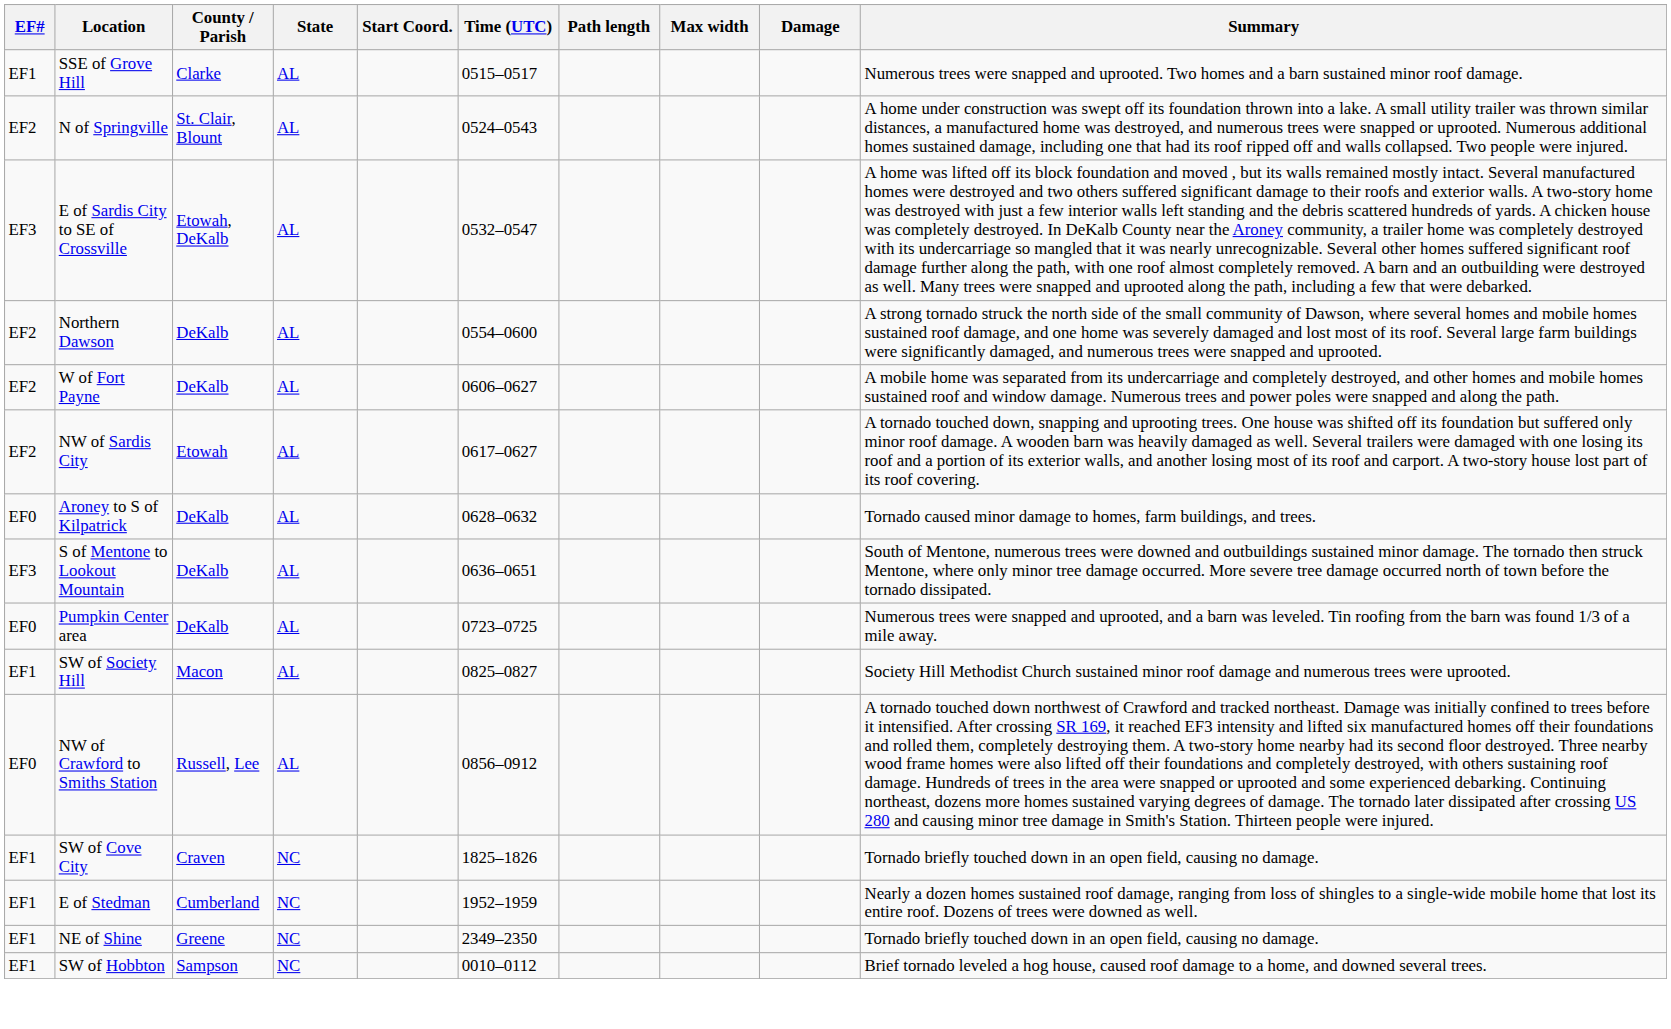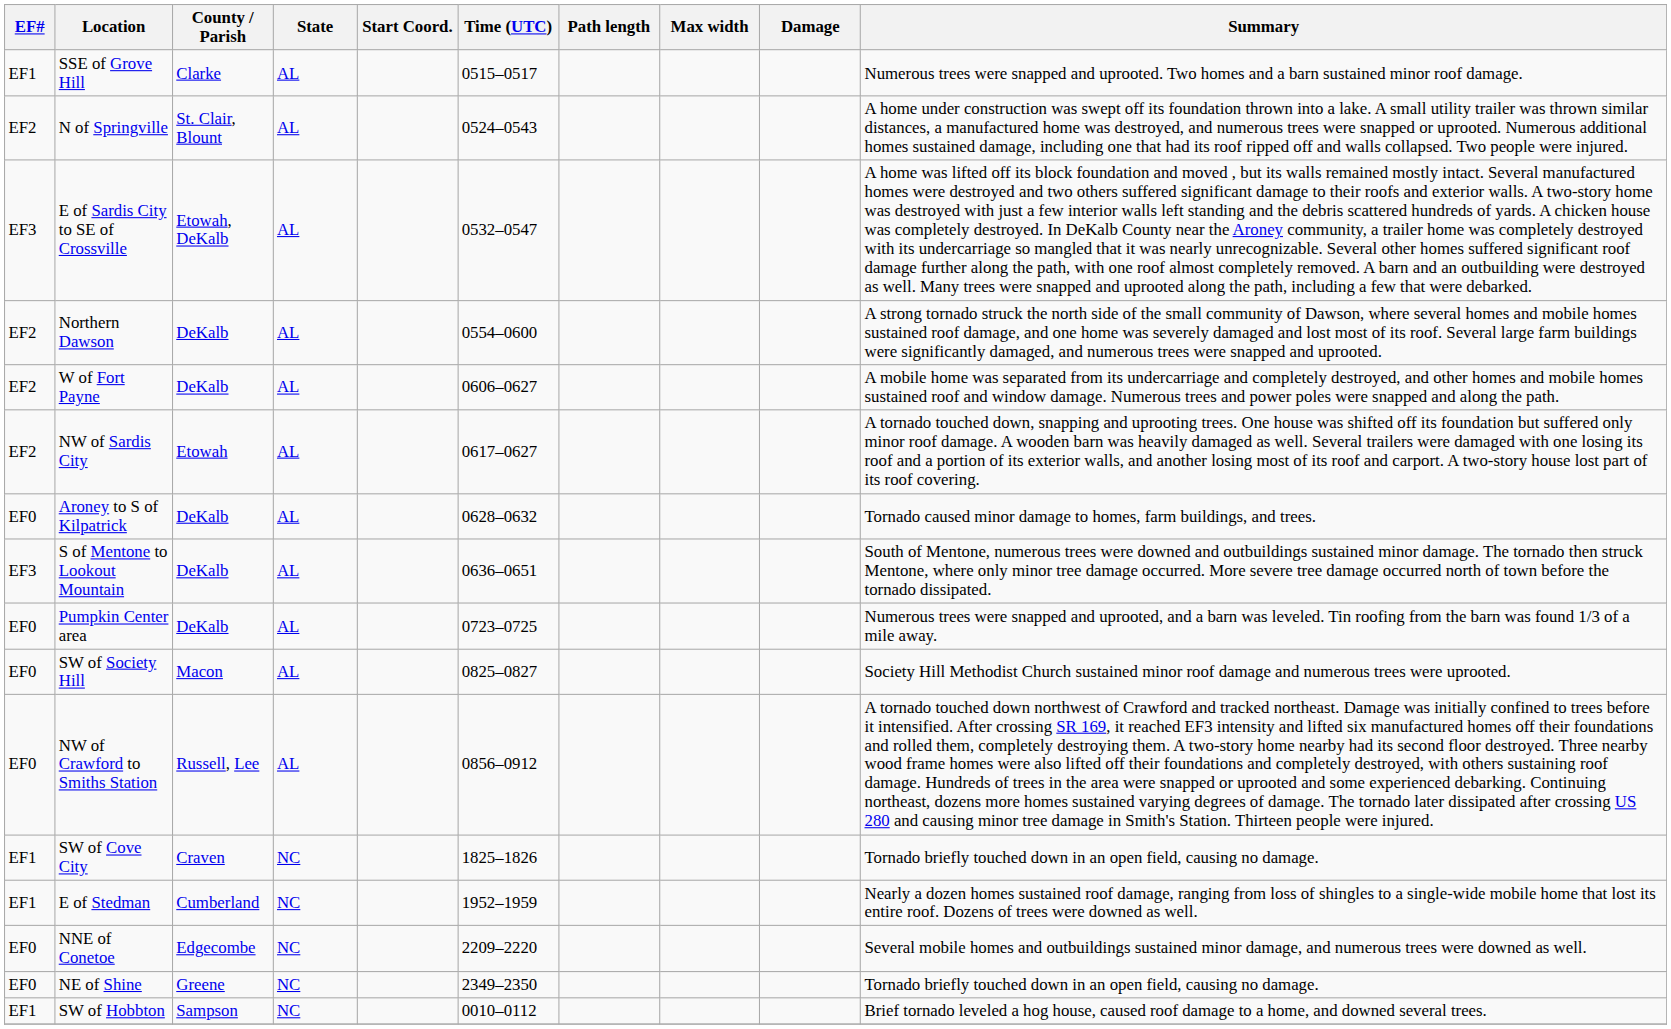 <table class="wikitable sortable" style="width:100%;">
 <tr>
 <th scope="col" width="3%" align="center"><a href='#'>EF#</a></th>
 <th scope="col" width="7%" align="center" class="unsortable">Location</th>
 <th scope="col" width="6%" align="center" class="unsortable">County / Parish</th>
 <th scope="col" width="5%" align="center">State</th>
 <th scope="col" width="6%" align="center">Start Coord.</th>
 <th scope="col" width="6%" align="center">Time (<a href='#'>UTC</a>)</th>
 <th scope="col" width="6%" align="center">Path length</th>
 <th scope="col" width="6%" align="center">Max width</th>
 <th scope="col" width="6%" align="center">Damage</th>
 <th scope="col" width="48%" class="unsortable" align="center">Summary</th>
 </tr>
 <tr>
 <td>EF1</td>
 <td>SSE of <a href='#'>Grove Hill</a></td>
 <td><a href='#'>Clarke</a></td>
 <td><a href='#'>AL</a></td>
 <td></td>
 <td>0515–0517</td>
 <td></td>
 <td></td>
 <td></td>
 <td>Numerous trees were snapped and uprooted. Two homes and a barn sustained minor roof damage.</td>
 </tr>
 <tr>
 <td>EF2</td>
 <td>N of <a href='#'>Springville</a></td>
 <td><a href='#'>St. Clair</a>, <a href='#'>Blount</a></td>
 <td><a href='#'>AL</a></td>
 <td></td>
 <td>0524–0543</td>
 <td></td>
 <td></td>
 <td></td>
 <td>A home under construction was swept off its foundation thrown  into a lake. A small utility trailer was thrown similar distances, a manufactured home was destroyed, and numerous trees were snapped or uprooted. Numerous additional homes sustained damage, including one that had its roof ripped off and walls collapsed. Two people were injured.</td>
 </tr>
 <tr>
 <td>EF3</td>
 <td>E of <a href='#'>Sardis City</a> to SE of <a href='#'>Crossville</a></td>
 <td><a href='#'>Etowah</a>, <a href='#'>DeKalb</a></td>
 <td><a href='#'>AL</a></td>
 <td></td>
 <td>0532–0547</td>
 <td></td>
 <td></td>
 <td></td>
 <td>A home was lifted off its block foundation and moved , but its walls remained mostly intact. Several manufactured homes were destroyed and two others suffered significant damage to their roofs and exterior walls. A two-story home was destroyed with just a few interior walls left standing and the debris scattered hundreds of yards. A chicken house was completely destroyed. In DeKalb County near the <a href='#'>Aroney</a> community, a trailer home was completely destroyed with its undercarriage so mangled that it was nearly unrecognizable. Several other homes suffered significant roof damage further along the path, with one roof almost completely removed. A barn and an outbuilding were destroyed as well. Many trees were snapped and uprooted along the path, including a few that were debarked.</td>
 </tr>
 <tr>
 <td>EF2</td>
 <td>Northern <a href='#'>Dawson</a></td>
 <td><a href='#'>DeKalb</a></td>
 <td><a href='#'>AL</a></td>
 <td></td>
 <td>0554–0600</td>
 <td></td>
 <td></td>
 <td></td>
 <td>A strong tornado struck the north side of the small community of Dawson, where several homes and mobile homes sustained roof damage, and one home was severely damaged and lost most of its roof. Several large farm buildings were significantly damaged, and numerous trees were snapped and uprooted.</td>
 </tr>
 <tr>
 <td>EF2</td>
 <td>W of <a href='#'>Fort Payne</a></td>
 <td><a href='#'>DeKalb</a></td>
 <td><a href='#'>AL</a></td>
 <td></td>
 <td>0606–0627</td>
 <td></td>
 <td></td>
 <td></td>
 <td>A mobile home was separated from its undercarriage and completely destroyed, and other homes and mobile homes sustained roof and window damage. Numerous trees and power poles were snapped and along the path.</td>
 </tr>
 <tr>
 <td>EF2</td>
 <td>NW of <a href='#'>Sardis City</a></td>
 <td><a href='#'>Etowah</a></td>
 <td><a href='#'>AL</a></td>
 <td></td>
 <td>0617–0627</td>
 <td></td>
 <td></td>
 <td></td>
 <td>A tornado touched down, snapping and uprooting trees. One house was shifted off its foundation but suffered only minor roof damage. A wooden barn was heavily damaged as well. Several trailers were damaged with one losing its roof and a portion of its exterior walls, and another losing most of its roof and carport. A two-story house lost part of its roof covering.</td>
 </tr>
 <tr>
 <td>EF0</td>
 <td><a href='#'>Aroney</a> to S of <a href='#'>Kilpatrick</a></td>
 <td><a href='#'>DeKalb</a></td>
 <td><a href='#'>AL</a></td>
 <td></td>
 <td>0628–0632</td>
 <td></td>
 <td></td>
 <td></td>
 <td>Tornado caused minor damage to homes, farm buildings, and trees.</td>
 </tr>
 <tr>
 <td>EF3</td>
 <td>S of <a href='#'>Mentone</a> to <a href='#'>Lookout Mountain</a></td>
 <td><a href='#'>DeKalb</a></td>
 <td><a href='#'>AL</a></td>
 <td></td>
 <td>0636–0651</td>
 <td></td>
 <td></td>
 <td></td>
 <td>South of Mentone, numerous trees were downed and outbuildings sustained minor damage. The tornado then struck Mentone, where only minor tree damage occurred. More severe tree damage occurred north of town before the tornado dissipated.</td>
 </tr>
 <tr>
 <td>EF0</td>
 <td><a href='#'>Pumpkin Center</a> area</td>
 <td><a href='#'>DeKalb</a></td>
 <td><a href='#'>AL</a></td>
 <td></td>
 <td>0723–0725</td>
 <td></td>
 <td></td>
 <td></td>
 <td>Numerous trees were snapped and uprooted, and a barn was leveled. Tin roofing from the barn was found 1/3 of a mile away.</td>
 </tr>
 <tr>
-<td>EF1</td>
+<td>EF0</td>
 <td>SW of <a href='#'>Society Hill</a></td>
 <td><a href='#'>Macon</a></td>
 <td><a href='#'>AL</a></td>
 <td></td>
 <td>0825–0827</td>
 <td></td>
 <td></td>
 <td></td>
 <td>Society Hill Methodist Church sustained minor roof damage and numerous trees were uprooted.</td>
 </tr>
 <tr>
 <td>EF0</td>
 <td>NW of <a href='#'>Crawford</a> to <a href='#'>Smiths Station</a></td>
 <td><a href='#'>Russell</a>, <a href='#'>Lee</a></td>
 <td><a href='#'>AL</a></td>
 <td></td>
 <td>0856–0912</td>
 <td></td>
 <td></td>
 <td></td>
 <td>A tornado touched down northwest of Crawford and tracked northeast. Damage was initially confined to trees before it intensified. After crossing <a href='#'>SR 169</a>, it reached EF3 intensity and lifted six manufactured homes off their foundations and rolled them, completely destroying them. A two-story home nearby had its second floor destroyed. Three nearby wood frame homes were also lifted off their foundations and completely destroyed, with others sustaining roof damage. Hundreds of trees in the area were snapped or uprooted and some experienced debarking. Continuing northeast, dozens more homes sustained varying degrees of damage. The tornado later dissipated after crossing <a href='#'>US 280</a> and causing minor tree damage in Smith's Station. Thirteen people were injured.</td>
 </tr>
 <tr>
 <td>EF1</td>
 <td>SW of <a href='#'>Cove City</a></td>
 <td><a href='#'>Craven</a></td>
 <td><a href='#'>NC</a></td>
 <td></td>
 <td>1825–1826</td>
 <td></td>
 <td></td>
 <td></td>
 <td>Tornado briefly touched down in an open field, causing no damage.</td>
 </tr>
 <tr>
 <td>EF1</td>
 <td>E of <a href='#'>Stedman</a></td>
 <td><a href='#'>Cumberland</a></td>
 <td><a href='#'>NC</a></td>
 <td></td>
 <td>1952–1959</td>
 <td></td>
 <td></td>
 <td></td>
 <td>Nearly a dozen homes sustained roof damage, ranging from loss of shingles to a single-wide mobile home that lost its entire roof. Dozens of trees were downed as well.</td>
 </tr>
 <tr>
-<td>EF1</td>
+<td>EF0</td>
+<td>NNE of <a href='#'>Conetoe</a></td>
+<td><a href='#'>Edgecombe</a></td>
+<td><a href='#'>NC</a></td>
+<td></td>
+<td>2209–2220</td>
+<td></td>
+<td></td>
+<td></td>
+<td>Several mobile homes and outbuildings sustained minor damage, and numerous trees were downed as well.</td>
+</tr>
+<tr>
+<td>EF0</td>
 <td>NE of <a href='#'>Shine</a></td>
 <td><a href='#'>Greene</a></td>
 <td><a href='#'>NC</a></td>
 <td></td>
 <td>2349–2350</td>
 <td></td>
 <td></td>
 <td></td>
 <td>Tornado briefly touched down in an open field, causing no damage.</td>
 </tr>
 <tr>
 <td>EF1</td>
 <td>SW of <a href='#'>Hobbton</a></td>
 <td><a href='#'>Sampson</a></td>
 <td><a href='#'>NC</a></td>
 <td></td>
 <td>0010–0112</td>
 <td></td>
 <td></td>
 <td></td>
 <td>Brief tornado leveled a hog house, caused roof damage to a home, and downed several trees.</td>
 </tr>
 <tr>
 </tr>
 </table>
